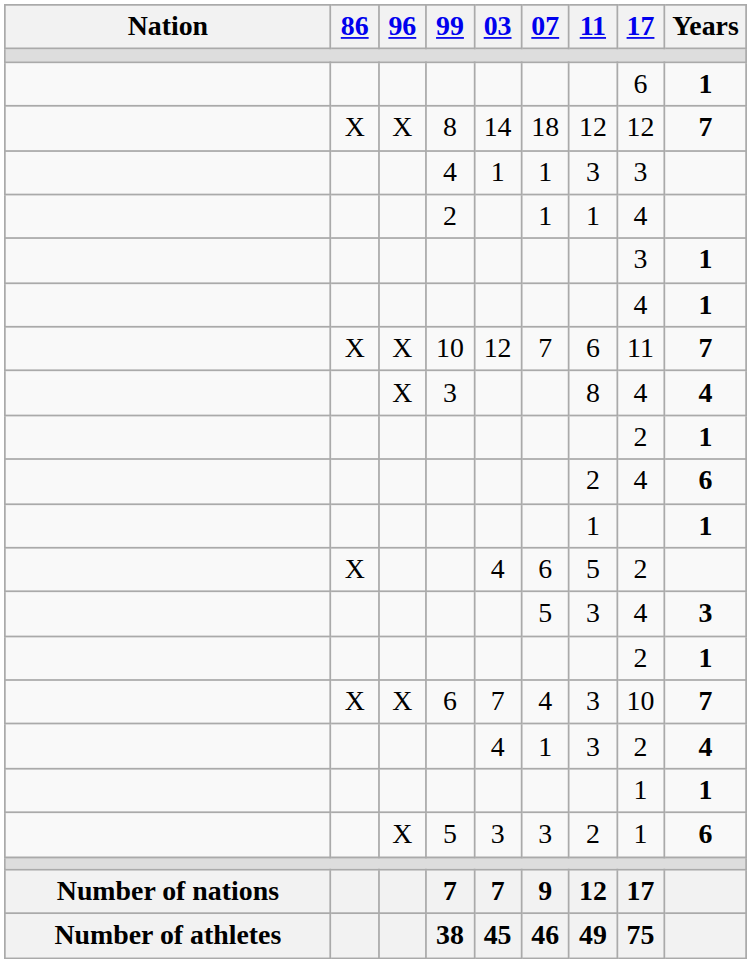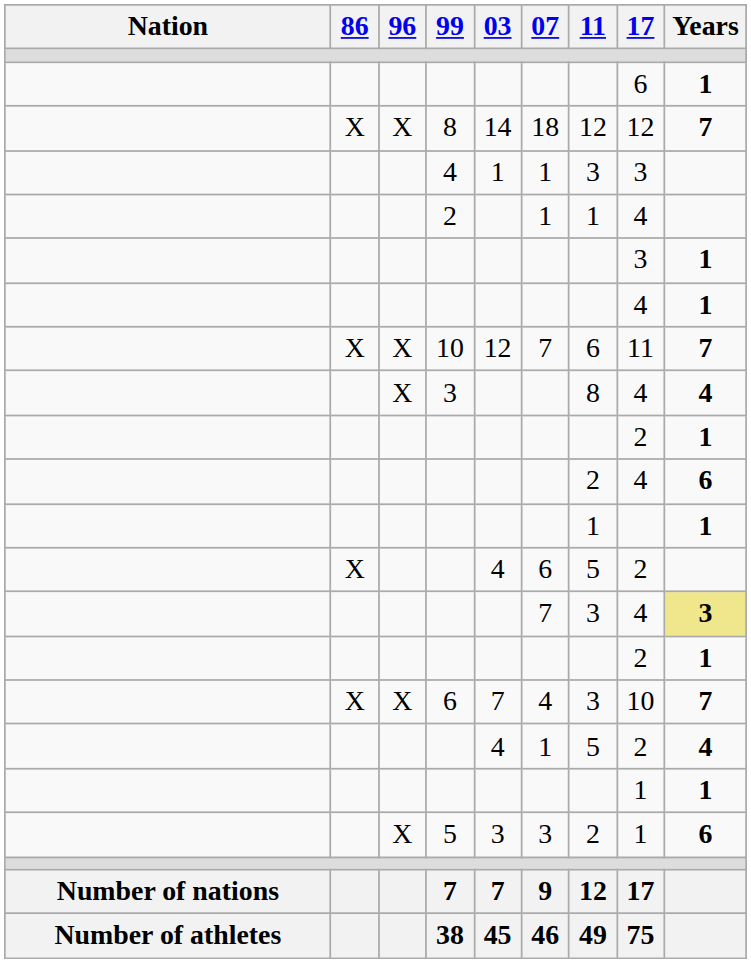 <table class=wikitable style="text-align:center">
 <tr>
 <th width=180>Nation</th>
 <th width=20><a href='#'>86</a></th>
 <th width=20><a href='#'>96</a></th>
 <th width=20><a href='#'>99</a></th>
 <th width=20><a href='#'>03</a></th>
 <th width=20><a href='#'>07</a></th>
 <th width=20><a href='#'>11</a></th>
 <th width=20><a href='#'>17</a></th>
 <th width=40>Years</th>
 </tr>
 <tr bgcolor=#DDDDDD>
 <td colspan=9></td>
 </tr>
 <tr>
 <td align=left></td>
 <td></td>
 <td></td>
 <td></td>
 <td></td>
 <td></td>
 <td></td>
 <td>6</td>
 <td><strong>1</strong></td>
 </tr>
 <tr>
 <td align=left></td>
 <td>X</td>
 <td>X</td>
 <td>8</td>
 <td>14</td>
 <td>18</td>
 <td>12</td>
 <td>12</td>
 <td><strong>7</strong></td>
 </tr>
 <tr>
 <td align=left></td>
 <td></td>
 <td></td>
 <td>4</td>
 <td>1</td>
 <td>1</td>
 <td>3</td>
 <td>3</td>
 <td></td>
 </tr>
 <tr>
 <td align=left></td>
 <td></td>
 <td></td>
 <td>2</td>
 <td></td>
 <td>1</td>
 <td>1</td>
 <td>4</td>
 <td></td>
 </tr>
 <tr>
 <td align=left></td>
 <td></td>
 <td></td>
 <td></td>
 <td></td>
 <td></td>
 <td></td>
 <td>3</td>
 <td><strong>1</strong></td>
 </tr>
 <tr>
 <td align=left></td>
 <td></td>
 <td></td>
 <td></td>
 <td></td>
 <td></td>
 <td></td>
 <td>4</td>
 <td><strong>1</strong></td>
 </tr>
 <tr>
 <td align=left></td>
 <td>X</td>
 <td>X</td>
 <td>10</td>
 <td>12</td>
 <td>7</td>
 <td>6</td>
 <td>11</td>
 <td><strong>7</strong></td>
 </tr>
 <tr>
 <td align=left></td>
 <td></td>
 <td>X</td>
 <td>3</td>
 <td></td>
 <td></td>
 <td>8</td>
 <td>4</td>
 <td><strong>4</strong></td>
 </tr>
 <tr>
 <td align=left></td>
 <td></td>
 <td></td>
 <td></td>
 <td></td>
 <td></td>
 <td></td>
 <td>2</td>
 <td><strong>1</strong></td>
 </tr>
 <tr>
 <td align=left></td>
 <td></td>
 <td></td>
 <td></td>
 <td></td>
 <td></td>
 <td>2</td>
 <td>4</td>
 <td><strong>6</strong></td>
 </tr>
 <tr>
 <td align=left></td>
 <td></td>
 <td></td>
 <td></td>
 <td></td>
 <td></td>
 <td>1</td>
 <td></td>
 <td><strong>1</strong></td>
 </tr>
 <tr>
 <td align=left></td>
 <td>X</td>
 <td></td>
 <td></td>
 <td>4</td>
 <td>6</td>
 <td>5</td>
 <td>2</td>
 <td></td>
 </tr>
 <tr>
 <td align=left></td>
 <td></td>
 <td></td>
 <td></td>
 <td></td>
-<td>5</td>
+<td>7</td>
 <td>3</td>
 <td>4</td>
-<td><strong>3</strong></td>
+<td style="background: khaki;"><strong>3</strong></td>
 </tr>
 <tr>
 <td align=left></td>
 <td></td>
 <td></td>
 <td></td>
 <td></td>
 <td></td>
 <td></td>
 <td>2</td>
 <td><strong>1</strong></td>
 </tr>
 <tr>
 <td align=left></td>
 <td>X</td>
 <td>X</td>
 <td>6</td>
 <td>7</td>
 <td>4</td>
 <td>3</td>
 <td>10</td>
 <td><strong>7</strong></td>
 </tr>
 <tr>
 <td align=left></td>
 <td></td>
 <td></td>
 <td></td>
 <td>4</td>
 <td>1</td>
-<td>3</td>
+<td>5</td>
 <td>2</td>
 <td><strong>4</strong></td>
 </tr>
 <tr>
 <td align=left></td>
 <td></td>
 <td></td>
 <td></td>
 <td></td>
 <td></td>
 <td></td>
 <td>1</td>
 <td><strong>1</strong></td>
 </tr>
 <tr>
 <td align=left></td>
 <td></td>
 <td>X</td>
 <td>5</td>
 <td>3</td>
 <td>3</td>
 <td>2</td>
 <td>1</td>
 <td><strong>6</strong></td>
 </tr>
 <tr bgcolor=#DDDDDD>
 <td colspan=9></td>
 </tr>
 <tr>
 <th>Number of nations</th>
 <th></th>
 <th></th>
 <th>7</th>
 <th>7</th>
 <th>9</th>
 <th>12</th>
 <th>17</th>
 <th></th>
 </tr>
 <tr>
 <th>Number of athletes</th>
 <th></th>
 <th></th>
 <th>38</th>
 <th>45</th>
 <th>46</th>
 <th>49</th>
 <th>75</th>
 <th></th>
 </tr>
 </table>
